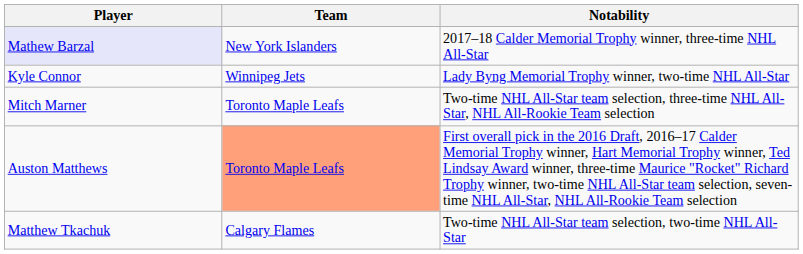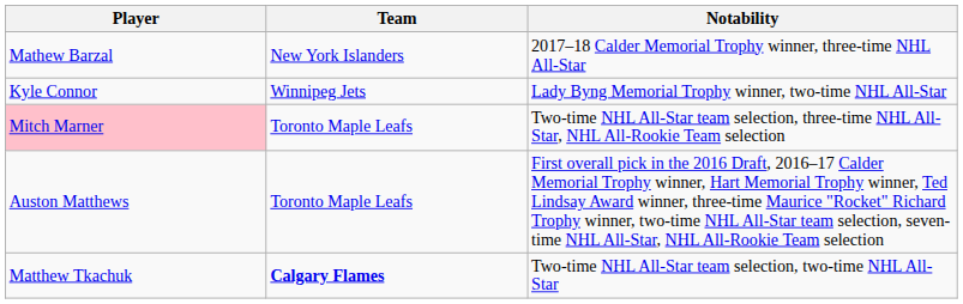 <table class="wikitable">
 <tr>
 <th style="width:15em">Player</th>
 <th style="width:15em">Team</th>
 <th style="width:25em">Notability</th>
 </tr>
 <tr>
-<td style="background: lavender;"><a href='#'>Mathew Barzal</a></td>
+<td><a href='#'>Mathew Barzal</a></td>
 <td><a href='#'>New York Islanders</a></td>
 <td>2017–18 <a href='#'>Calder Memorial Trophy</a> winner, three-time <a href='#'>NHL All-Star</a></td>
 </tr>
 <tr>
 <td><a href='#'>Kyle Connor</a></td>
 <td><a href='#'>Winnipeg Jets</a></td>
 <td><a href='#'>Lady Byng Memorial Trophy</a> winner, two-time <a href='#'>NHL All-Star</a></td>
 </tr>
 <tr>
-<td><a href='#'>Mitch Marner</a></td>
+<td style="background: pink;"><a href='#'>Mitch Marner</a></td>
 <td><a href='#'>Toronto Maple Leafs</a></td>
 <td>Two-time <a href='#'>NHL All-Star team</a> selection, three-time <a href='#'>NHL All-Star</a>, <a href='#'>NHL All-Rookie Team</a> selection</td>
 </tr>
 <tr>
 <td><a href='#'>Auston Matthews</a></td>
-<td style="background: lightsalmon;"><a href='#'>Toronto Maple Leafs</a></td>
+<td><a href='#'>Toronto Maple Leafs</a></td>
 <td><a href='#'>First overall pick in the 2016 Draft</a>, 2016–17 <a href='#'>Calder Memorial Trophy</a> winner, <a href='#'>Hart Memorial Trophy</a> winner, <a href='#'>Ted Lindsay Award</a> winner, three-time <a href='#'>Maurice "Rocket" Richard Trophy</a> winner,   two-time <a href='#'>NHL All-Star team</a> selection, seven-time <a href='#'>NHL All-Star</a>, <a href='#'>NHL All-Rookie Team</a> selection</td>
 </tr>
 <tr>
 <td><a href='#'>Matthew Tkachuk</a></td>
-<td><a href='#'>Calgary Flames</a></td>
+<td><strong><a href='#'>Calgary Flames</a></strong></td>
 <td>Two-time <a href='#'>NHL All-Star team</a> selection, two-time <a href='#'>NHL All-Star</a><br></td>
 </tr>
 </table>
